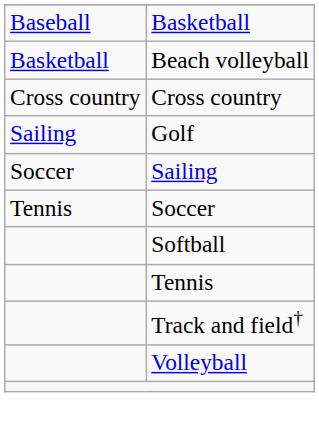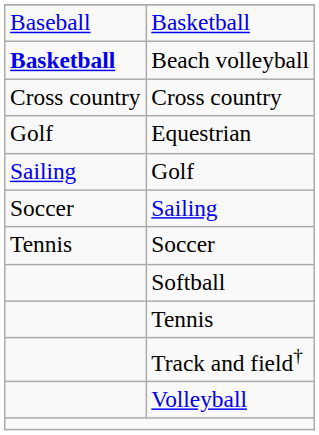 <table class="wikitable" style=" ">
 <tr>
 </tr>
 <tr>
 <td><a href='#'>Baseball</a></td>
 <td><a href='#'>Basketball</a></td>
 </tr>
 <tr>
-<td><a href='#'>Basketball</a></td>
+<td><strong><a href='#'>Basketball</a></strong></td>
 <td>Beach volleyball</td>
 </tr>
 <tr>
 <td>Cross country</td>
 <td>Cross country</td>
+</tr>
+<tr>
+<td>Golf</td>
+<td>Equestrian</td>
 </tr>
 <tr>
 <td><a href='#'>Sailing</a></td>
 <td>Golf</td>
 </tr>
 <tr>
 <td>Soccer</td>
 <td><a href='#'>Sailing</a></td>
 </tr>
 <tr>
 <td>Tennis</td>
 <td>Soccer</td>
 </tr>
 <tr>
 <td></td>
 <td>Softball</td>
 </tr>
 <tr>
 <td></td>
 <td>Tennis</td>
 </tr>
 <tr>
 <td></td>
 <td>Track and field<sup>†</sup></td>
 </tr>
 <tr>
 <td></td>
 <td><a href='#'>Volleyball</a></td>
 </tr>
 <tr>
 <td colspan="2"></td>
 </tr>
 </table>
